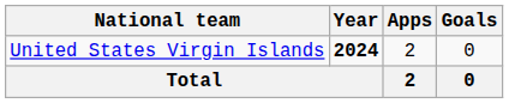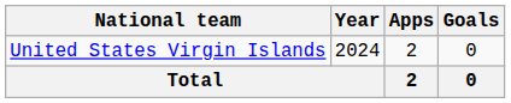 <table class="wikitable" style="text-align:center">
 <tr>
 <th>National team</th>
 <th>Year</th>
 <th>Apps</th>
 <th>Goals</th>
 </tr>
 <tr>
 <td rowspan="1"><a href='#'>United States Virgin Islands</a></td>
-<td><strong>2024</strong></td>
+<td>2024</td>
 <td>2</td>
 <td>0</td>
 </tr>
 <tr>
 <th colspan=2>Total</th>
 <th>2</th>
 <th>0</th>
 </tr>
 </table>
